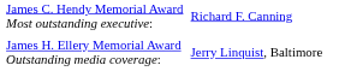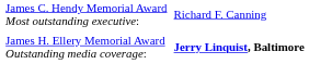 <table cellpadding="3" cellspacing="3">
 <tr>
 <td><a href='#'>James C. Hendy Memorial Award</a><br><em>Most outstanding executive</em>:</td>
 <td><a href='#'>Richard F. Canning</a></td>
 </tr>
 <tr>
 <td><a href='#'>James H. Ellery Memorial Award</a> <br><em>Outstanding media coverage</em>:</td>
-<td><a href='#'>Jerry Linquist</a>, Baltimore</td>
+<td><strong><a href='#'>Jerry Linquist</a>, Baltimore</strong></td>
 </tr>
 </table>
